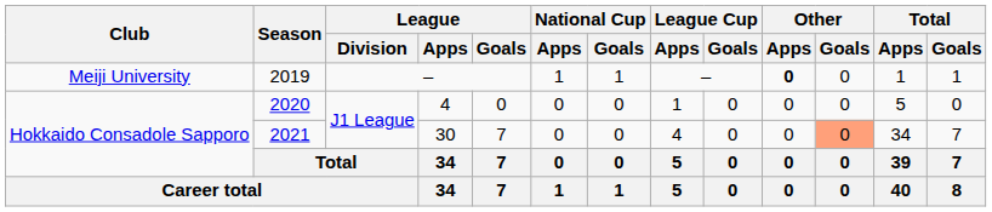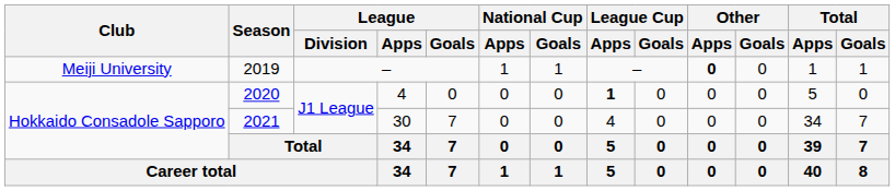 <table class="wikitable" style="text-align: center">
 <tr>
 <th rowspan="2">Club</th>
 <th rowspan="2">Season</th>
 <th colspan="3">League</th>
 <th colspan="2">National Cup</th>
 <th colspan="2">League Cup</th>
 <th colspan="2">Other</th>
 <th colspan="2">Total</th>
 </tr>
 <tr>
 <th>Division</th>
 <th>Apps</th>
 <th>Goals</th>
 <th>Apps</th>
 <th>Goals</th>
 <th>Apps</th>
 <th>Goals</th>
 <th>Apps</th>
 <th>Goals</th>
 <th>Apps</th>
 <th>Goals</th>
 </tr>
 <tr>
 <td><a href='#'>Meiji University</a></td>
 <td>2019</td>
 <td colspan="3">–</td>
 <td>1</td>
 <td>1</td>
 <td colspan="2">–</td>
 <td><strong>0</strong></td>
 <td>0</td>
 <td>1</td>
 <td>1</td>
 </tr>
 <tr>
 <td rowspan="3"><a href='#'>Hokkaido Consadole Sapporo</a></td>
 <td><a href='#'>2020</a></td>
 <td rowspan="2"><a href='#'>J1 League</a></td>
 <td>4</td>
 <td>0</td>
 <td>0</td>
 <td>0</td>
-<td>1</td>
+<td><strong>1</strong></td>
 <td>0</td>
 <td>0</td>
 <td>0</td>
 <td>5</td>
 <td>0</td>
 </tr>
 <tr>
 <td><a href='#'>2021</a></td>
 <td>30</td>
 <td>7</td>
 <td>0</td>
 <td>0</td>
 <td>4</td>
 <td>0</td>
 <td>0</td>
-<td style="background: lightsalmon;">0</td>
+<td>0</td>
 <td>34</td>
 <td>7</td>
 </tr>
 <tr>
 <th colspan=2>Total</th>
 <th>34</th>
 <th>7</th>
 <th>0</th>
 <th>0</th>
 <th>5</th>
 <th>0</th>
 <th>0</th>
 <th>0</th>
 <th>39</th>
 <th>7</th>
 </tr>
 <tr>
 <th colspan=3>Career total</th>
 <th>34</th>
 <th>7</th>
 <th>1</th>
 <th>1</th>
 <th>5</th>
 <th>0</th>
 <th>0</th>
 <th>0</th>
 <th>40</th>
 <th>8</th>
 </tr>
 </table>
